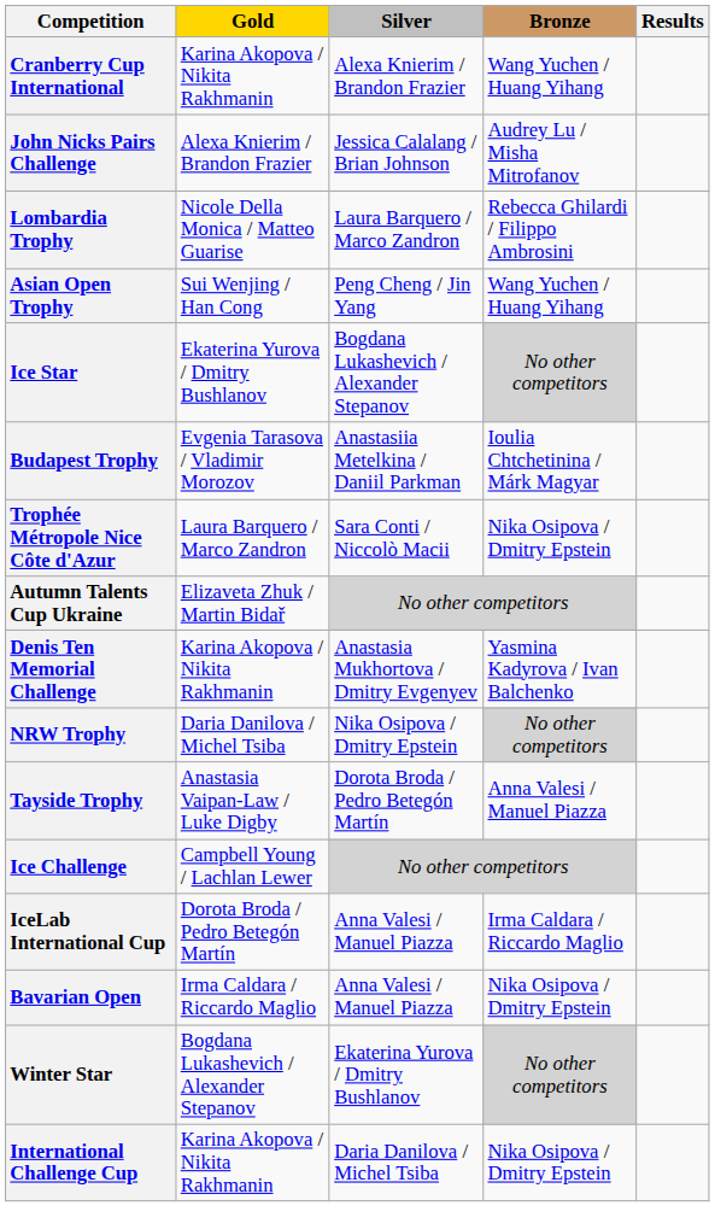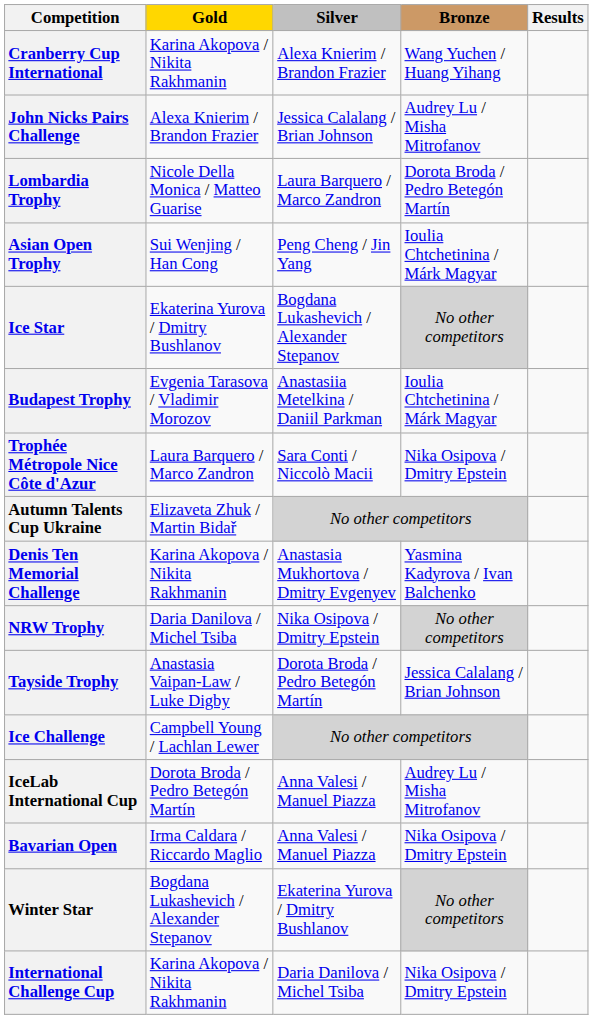 <table class="wikitable unsortable" style="text-align:left; width:90%;">
 <tr>
 <th scope="col" style="text-align:center; width:25%;">Competition</th>
 <td scope="col" style="text-align:center; width:22.5%; background:gold"><strong>Gold</strong></td>
 <td scope="col" style="text-align:center; width:22.5%; background:silver"><strong>Silver</strong></td>
 <td scope="col" style="text-align:center; width:22.5%; background:#c96"><strong>Bronze</strong></td>
 <th scope="col" style="text-align:center; width:7.5%;">Results</th>
 </tr>
 <tr>
 <th scope="row" style="text-align:left"> <a href='#'>Cranberry Cup International</a></th>
 <td> <a href='#'>Karina Akopova</a> / <a href='#'>Nikita Rakhmanin</a></td>
 <td> <a href='#'>Alexa Knierim</a> / <a href='#'>Brandon Frazier</a></td>
 <td> <a href='#'>Wang Yuchen</a> / <a href='#'>Huang Yihang</a></td>
 <td></td>
 </tr>
 <tr>
 <th scope="row" style="text-align:left"> <a href='#'>John Nicks Pairs Challenge</a></th>
 <td> <a href='#'>Alexa Knierim</a> / <a href='#'>Brandon Frazier</a></td>
 <td> <a href='#'>Jessica Calalang</a> / <a href='#'>Brian Johnson</a></td>
 <td> <a href='#'>Audrey Lu</a> / <a href='#'>Misha Mitrofanov</a></td>
 <td></td>
 </tr>
 <tr>
 <th scope="row" style="text-align:left"> <a href='#'>Lombardia Trophy</a></th>
 <td> <a href='#'>Nicole Della Monica</a> / <a href='#'>Matteo Guarise</a></td>
 <td> <a href='#'>Laura Barquero</a> / <a href='#'>Marco Zandron</a></td>
-<td> <a href='#'>Rebecca Ghilardi</a> / <a href='#'>Filippo Ambrosini</a></td>
+<td> <a href='#'>Dorota Broda</a> / <a href='#'>Pedro Betegón Martín</a></td>
 <td></td>
 </tr>
 <tr>
 <th scope="row" style="text-align:left"> <a href='#'>Asian Open Trophy</a></th>
 <td> <a href='#'>Sui Wenjing</a> / <a href='#'>Han Cong</a></td>
 <td> <a href='#'>Peng Cheng</a> / <a href='#'>Jin Yang</a></td>
-<td> <a href='#'>Wang Yuchen</a> / <a href='#'>Huang Yihang</a></td>
+<td> <a href='#'>Ioulia Chtchetinina</a> / <a href='#'>Márk Magyar</a></td>
 <td></td>
 </tr>
 <tr>
 <th scope="row" style="text-align:left"> <a href='#'>Ice Star</a></th>
 <td> <a href='#'>Ekaterina Yurova</a> / <a href='#'>Dmitry Bushlanov</a></td>
 <td> <a href='#'>Bogdana Lukashevich</a> / <a href='#'>Alexander Stepanov</a></td>
 <td align="center" bgcolor="lightgray"><em>No other competitors</em></td>
 <td></td>
 </tr>
 <tr>
 <th scope="row" style="text-align:left"> <a href='#'>Budapest Trophy</a></th>
 <td> <a href='#'>Evgenia Tarasova</a> / <a href='#'>Vladimir Morozov</a></td>
 <td> <a href='#'>Anastasiia Metelkina</a> / <a href='#'>Daniil Parkman</a></td>
 <td> <a href='#'>Ioulia Chtchetinina</a> / <a href='#'>Márk Magyar</a></td>
 <td></td>
 </tr>
 <tr>
 <th scope="row" style="text-align:left"> <a href='#'>Trophée Métropole Nice Côte d'Azur</a></th>
 <td> <a href='#'>Laura Barquero</a> / <a href='#'>Marco Zandron</a></td>
 <td> <a href='#'>Sara Conti</a> / <a href='#'>Niccolò Macii</a></td>
 <td> <a href='#'>Nika Osipova</a> / <a href='#'>Dmitry Epstein</a></td>
 <td></td>
 </tr>
 <tr>
 <th scope="row" style="text-align:left"> Autumn Talents Cup Ukraine</th>
 <td> <a href='#'>Elizaveta Zhuk</a> / <a href='#'>Martin Bidař</a></td>
 <td colspan="2" align="center" bgcolor="lightgray"><em>No other competitors</em></td>
 <td></td>
 </tr>
 <tr>
 <th scope="row" style="text-align:left"> <a href='#'>Denis Ten Memorial Challenge</a></th>
 <td> <a href='#'>Karina Akopova</a> / <a href='#'>Nikita Rakhmanin</a></td>
 <td> <a href='#'>Anastasia Mukhortova</a> / <a href='#'>Dmitry Evgenyev</a></td>
 <td> <a href='#'>Yasmina Kadyrova</a> / <a href='#'>Ivan Balchenko</a></td>
 <td></td>
 </tr>
 <tr>
 <th scope="row" style="text-align:left"> <a href='#'>NRW Trophy</a></th>
 <td> <a href='#'>Daria Danilova</a> / <a href='#'>Michel Tsiba</a></td>
 <td> <a href='#'>Nika Osipova</a> / <a href='#'>Dmitry Epstein</a></td>
 <td align="center" bgcolor="lightgray"><em>No other competitors</em></td>
 <td></td>
 </tr>
 <tr>
 <th scope="row" style="text-align:left"> <a href='#'>Tayside Trophy</a></th>
 <td> <a href='#'>Anastasia Vaipan-Law</a> / <a href='#'>Luke Digby</a></td>
 <td> <a href='#'>Dorota Broda</a> / <a href='#'>Pedro Betegón Martín</a></td>
-<td> <a href='#'>Anna Valesi</a> / <a href='#'>Manuel Piazza</a></td>
+<td> <a href='#'>Jessica Calalang</a> / <a href='#'>Brian Johnson</a></td>
 <td></td>
 </tr>
 <tr>
 <th scope="row" style="text-align:left"> <a href='#'>Ice Challenge</a></th>
 <td> <a href='#'>Campbell Young</a> / <a href='#'>Lachlan Lewer</a></td>
 <td colspan="2" align="center" bgcolor="lightgray"><em>No other competitors</em></td>
 <td></td>
 </tr>
 <tr>
 <th scope="row" style="text-align:left"> IceLab International Cup</th>
 <td> <a href='#'>Dorota Broda</a> / <a href='#'>Pedro Betegón Martín</a></td>
 <td> <a href='#'>Anna Valesi</a> / <a href='#'>Manuel Piazza</a></td>
-<td> <a href='#'>Irma Caldara</a> / <a href='#'>Riccardo Maglio</a></td>
+<td> <a href='#'>Audrey Lu</a> / <a href='#'>Misha Mitrofanov</a></td>
 <td></td>
 </tr>
 <tr>
 <th scope="row" style="text-align:left"> <a href='#'>Bavarian Open</a></th>
 <td> <a href='#'>Irma Caldara</a> / <a href='#'>Riccardo Maglio</a></td>
 <td> <a href='#'>Anna Valesi</a> / <a href='#'>Manuel Piazza</a></td>
 <td> <a href='#'>Nika Osipova</a> / <a href='#'>Dmitry Epstein</a></td>
 <td></td>
 </tr>
 <tr>
 <th scope="row" style="text-align:left"> Winter Star</th>
 <td> <a href='#'>Bogdana Lukashevich</a> / <a href='#'>Alexander Stepanov</a></td>
 <td> <a href='#'>Ekaterina Yurova</a> / <a href='#'>Dmitry Bushlanov</a></td>
 <td align="center" bgcolor="lightgray"><em>No other competitors</em></td>
 <td></td>
 </tr>
 <tr>
 <th scope="row" style="text-align:left"> <a href='#'>International Challenge Cup</a></th>
 <td> <a href='#'>Karina Akopova</a> / <a href='#'>Nikita Rakhmanin</a></td>
 <td> <a href='#'>Daria Danilova</a> / <a href='#'>Michel Tsiba</a></td>
 <td> <a href='#'>Nika Osipova</a> / <a href='#'>Dmitry Epstein</a></td>
 <td></td>
 </tr>
 </table>
